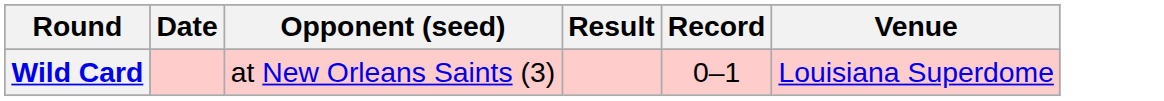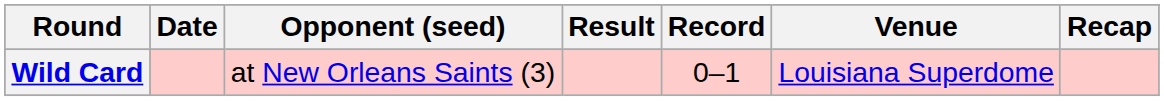 <table class="wikitable" style="text-align:center">
 <tr>
 <th>Round</th>
 <th>Date</th>
 <th>Opponent (seed)</th>
 <th>Result</th>
 <th>Record</th>
 <th>Venue</th>
+<th>Recap</th>
 </tr>
 <tr style="background: #fcc;">
 <th><a href='#'>Wild Card</a></th>
 <td></td>
 <td>at <a href='#'>New Orleans Saints</a> (3)</td>
 <td></td>
 <td>0–1</td>
 <td><a href='#'>Louisiana Superdome</a></td>
+<td></td>
 </tr>
 </table>
